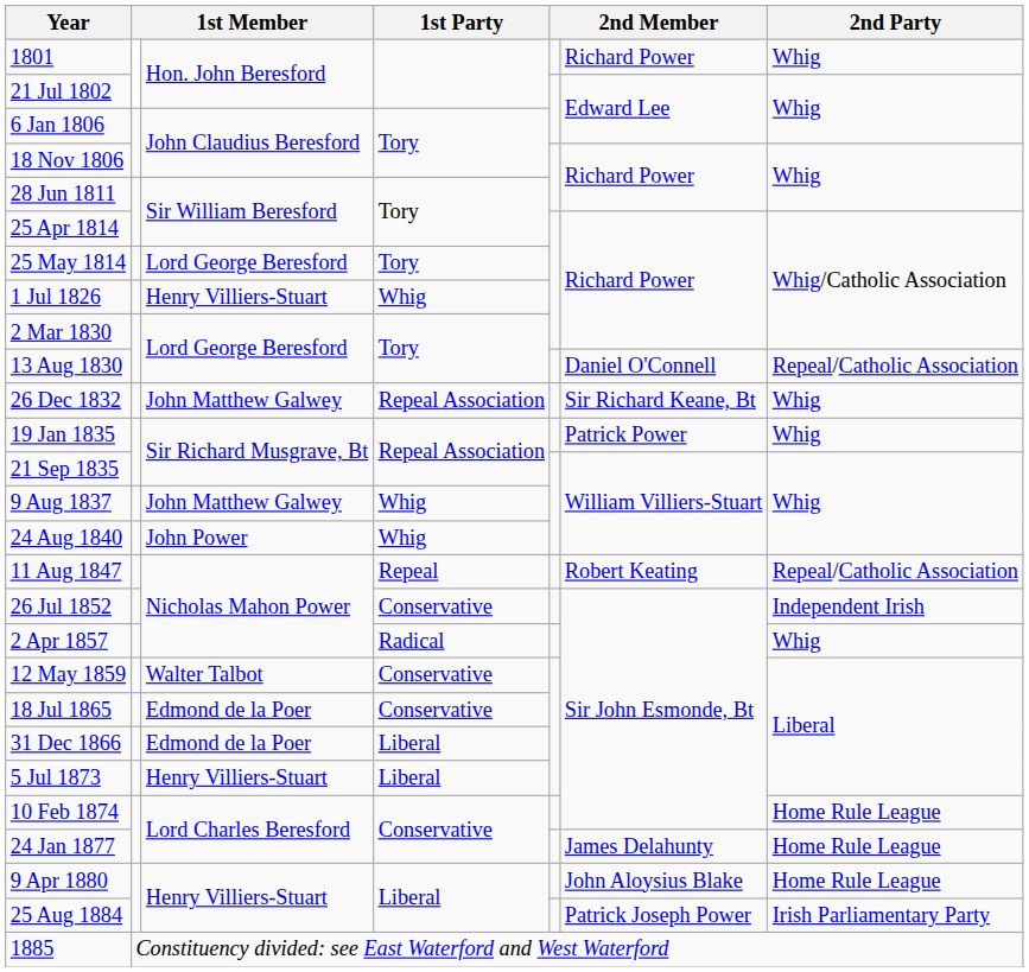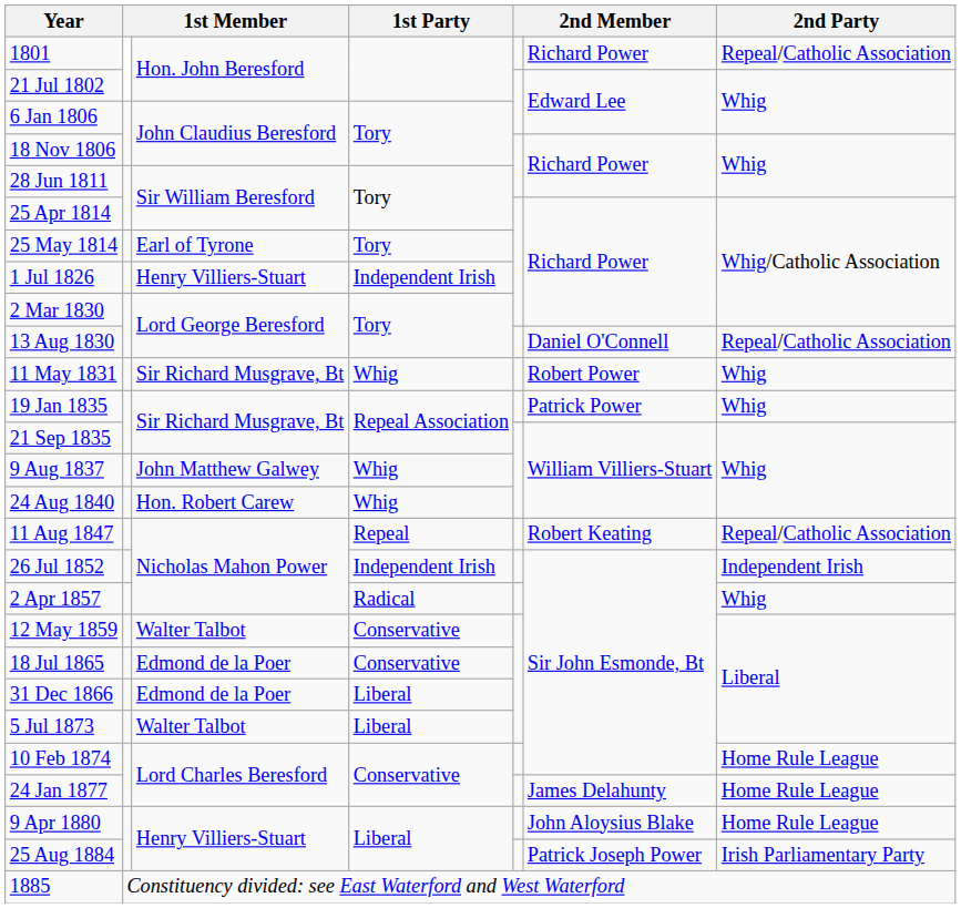 <table class="wikitable">
 <tr>
 <th>Year</th>
 <th colspan="2">1st Member</th>
 <th>1st Party</th>
 <th colspan="2">2nd Member</th>
 <th>2nd Party</th>
 </tr>
 <tr>
 <td><a href='#'>1801</a></td>
 <td rowspan="2" style="color:inherit;background-color: white"></td>
 <td rowspan="2"><a href='#'>Hon. John Beresford</a>	</td>
 <td rowspan="2"></td>
 <td style="color:inherit;background-color: "></td>
 <td><a href='#'>Richard Power</a>    </td>
-<td><a href='#'>Whig</a></td>
+<td><a href='#'>Repeal</a>/<a href='#'>Catholic Association</a></td>
 </tr>
 <tr>
 <td><a href='#'>21 Jul 1802</a></td>
 <td rowspan="2" style="color:inherit;background-color: "></td>
 <td rowspan="2"><a href='#'>Edward Lee</a> 	</td>
 <td rowspan="2"><a href='#'>Whig</a></td>
 </tr>
 <tr>
 <td><a href='#'>6 Jan 1806</a></td>
 <td rowspan="2" style="color:inherit;background-color: "></td>
 <td rowspan="2"><a href='#'>John Claudius Beresford</a> 	</td>
 <td rowspan="2"><a href='#'>Tory</a></td>
 </tr>
 <tr>
 <td><a href='#'>18 Nov 1806</a></td>
 <td rowspan="2" style="color:inherit;background-color: "></td>
 <td rowspan="2"><a href='#'>Richard Power</a> 	    </td>
 <td rowspan="2"><a href='#'>Whig</a></td>
 </tr>
 <tr>
 <td><a href='#'>28 Jun 1811</a></td>
 <td rowspan="2" style="color:inherit;background-color: "></td>
 <td rowspan="2"><a href='#'>Sir William Beresford</a>  </td>
 <td rowspan="2">Tory</td>
 </tr>
 <tr>
 <td><a href='#'>25 Apr 1814</a></td>
 <td rowspan="4" style="color:inherit;background-color: "></td>
 <td rowspan="4"><a href='#'>Richard Power</a>	    </td>
 <td rowspan="4"><a href='#'>Whig</a>/Catholic Association</td>
 </tr>
 <tr>
 <td><a href='#'>25 May 1814</a></td>
 <td style="color:inherit;background-color: "></td>
-<td><a href='#'>Lord George Beresford</a>	</td>
+<td><a href='#'>Earl of Tyrone</a> 	</td>
 <td><a href='#'>Tory</a></td>
 </tr>
 <tr>
 <td><a href='#'>1 Jul 1826</a></td>
 <td style="color:inherit;background-color: "></td>
 <td><a href='#'>Henry Villiers-Stuart</a> 	</td>
-<td><a href='#'>Whig</a></td>
+<td><a href='#'>Independent Irish</a></td>
 </tr>
 <tr>
 <td><a href='#'>2 Mar 1830</a></td>
 <td rowspan="2" style="color:inherit;background-color: "></td>
 <td rowspan="2"><a href='#'>Lord George Beresford</a> </td>
 <td rowspan="2"><a href='#'>Tory</a></td>
 </tr>
 <tr>
 <td><a href='#'>13 Aug 1830</a></td>
 <td style="color:inherit;background-color: "></td>
 <td><a href='#'>Daniel O'Connell</a>	</td>
 <td><a href='#'>Repeal</a>/<a href='#'>Catholic Association</a></td>
 </tr>
 <tr>
-<td><a href='#'>26 Dec 1832</a></td>
+<td><a href='#'>11 May 1831</a></td>
 <td style="color:inherit;background-color: "></td>
-<td><a href='#'>John Matthew Galwey</a>	</td>
-<td><a href='#'>Repeal Association</a></td>
+<td><a href='#'>Sir Richard Musgrave, Bt</a>	</td>
+<td><a href='#'>Whig</a></td>
 <td style="color:inherit;background-color: "></td>
-<td><a href='#'>Sir Richard Keane, Bt</a>	</td>
+<td><a href='#'>Robert Power</a>	</td>
 <td><a href='#'>Whig</a></td>
 </tr>
 <tr>
 <td><a href='#'>19 Jan 1835</a></td>
 <td rowspan="2" style="color:inherit;background-color: "></td>
 <td rowspan="2"><a href='#'>Sir Richard Musgrave, Bt</a>	 </td>
 <td rowspan="2"><a href='#'>Repeal Association</a></td>
 <td style="color:inherit;background-color: "></td>
 <td><a href='#'>Patrick Power</a>	</td>
 <td><a href='#'>Whig</a></td>
 </tr>
 <tr>
 <td><a href='#'>21 Sep 1835</a></td>
 <td rowspan="3" style="color:inherit;background-color: "></td>
 <td rowspan="3"><a href='#'>William Villiers-Stuart</a>	</td>
 <td rowspan="3"><a href='#'>Whig</a></td>
 </tr>
 <tr>
 <td><a href='#'>9 Aug 1837</a></td>
 <td style="color:inherit;background-color: "></td>
 <td><a href='#'>John Matthew Galwey</a>	</td>
 <td><a href='#'>Whig</a></td>
 </tr>
 <tr>
 <td><a href='#'>24 Aug 1840</a></td>
 <td style="color:inherit;background-color: "></td>
-<td><a href='#'>John Power</a>	 </td>
+<td><a href='#'>Hon. Robert Carew</a> </td>
 <td><a href='#'>Whig</a></td>
 </tr>
 <tr>
 <td><a href='#'>11 Aug 1847</a></td>
 <td rowspan="1" style="color:inherit;background-color: "></td>
 <td rowspan="3"><a href='#'>Nicholas Mahon Power</a>  </td>
 <td rowspan="1"><a href='#'>Repeal</a></td>
 <td style="color:inherit;background-color: "></td>
 <td><a href='#'>Robert Keating</a></td>
 <td><a href='#'>Repeal</a>/<a href='#'>Catholic Association</a></td>
 </tr>
 <tr>
 <td><a href='#'>26 Jul 1852</a></td>
 <td style="color:inherit;background-color: "></td>
-<td><a href='#'>Conservative</a></td>
+<td><a href='#'>Independent Irish</a></td>
 <td style="color:inherit;background-color: "></td>
 <td rowspan="7"><a href='#'>Sir John Esmonde, Bt</a>	</td>
 <td><a href='#'>Independent Irish</a></td>
 </tr>
 <tr>
 <td><a href='#'>2 Apr 1857</a></td>
 <td style="color:inherit;background-color: "></td>
 <td><a href='#'>Radical</a></td>
 <td style="color:inherit;background-color: "></td>
 <td><a href='#'>Whig</a></td>
 </tr>
 <tr>
 <td><a href='#'>12 May 1859</a></td>
 <td style="color:inherit;background-color: "></td>
 <td><a href='#'>Walter Talbot</a>	</td>
 <td><a href='#'>Conservative</a></td>
 <td rowspan="4" style="color:inherit;background-color: "></td>
 <td rowspan="4"><a href='#'>Liberal</a></td>
 </tr>
 <tr>
 <td><a href='#'>18 Jul 1865</a></td>
 <td style="color:inherit;background-color: "></td>
 <td><a href='#'>Edmond de la Poer</a>	</td>
 <td><a href='#'>Conservative</a></td>
 </tr>
 <tr>
 <td><a href='#'>31 Dec 1866</a></td>
 <td style="color:inherit;background-color: "></td>
 <td><a href='#'>Edmond de la Poer</a>	</td>
 <td><a href='#'>Liberal</a></td>
 </tr>
 <tr>
 <td><a href='#'>5 Jul 1873</a></td>
 <td style="color:inherit;background-color: "></td>
-<td><a href='#'>Henry Villiers-Stuart</a>	      </td>
+<td><a href='#'>Walter Talbot</a>	</td>
 <td><a href='#'>Liberal</a></td>
 </tr>
 <tr>
 <td><a href='#'>10 Feb 1874</a></td>
 <td rowspan="2" style="color:inherit;background-color: "></td>
 <td rowspan="2"><a href='#'>Lord Charles Beresford</a></td>
 <td rowspan="2"><a href='#'>Conservative</a></td>
 <td style="color:inherit;background-color: "></td>
 <td><a href='#'>Home Rule League</a></td>
 </tr>
 <tr>
 <td><a href='#'>24 Jan 1877</a></td>
 <td style="color:inherit;background-color: "></td>
 <td><a href='#'>James Delahunty</a>	       </td>
 <td><a href='#'>Home Rule League</a></td>
 </tr>
 <tr>
 <td><a href='#'>9 Apr 1880</a></td>
 <td rowspan="2" style="color:inherit;background-color: "></td>
 <td rowspan="2"><a href='#'>Henry Villiers-Stuart</a> 	</td>
 <td rowspan="2"><a href='#'>Liberal</a></td>
 <td style="color:inherit;background-color: "></td>
 <td><a href='#'>John Aloysius Blake</a>	       </td>
 <td><a href='#'>Home Rule League</a></td>
 </tr>
 <tr>
 <td><a href='#'>25 Aug 1884</a></td>
 <td style="color:inherit;background-color: "></td>
 <td><a href='#'>Patrick Joseph Power</a></td>
 <td><a href='#'>Irish Parliamentary Party</a></td>
 </tr>
 <tr>
 <td><a href='#'>1885</a></td>
 <td colspan="6"><em>Constituency divided: see <a href='#'>East Waterford</a> and <a href='#'>West Waterford</a></em></td>
 </tr>
 </table>
